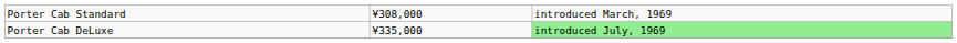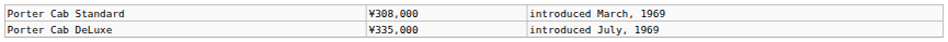 <table class="wikitable" width="60%">
 <tr>
 <td>Porter Cab Standard</td>
 <td>¥308,000</td>
 <td>introduced March, 1969</td>
 </tr>
 <tr>
 <td>Porter Cab DeLuxe</td>
 <td>¥335,000</td>
-<td style="background: lightgreen;">introduced July, 1969</td>
+<td>introduced July, 1969</td>
 </tr>
 <tr>
 </tr>
 </table>
